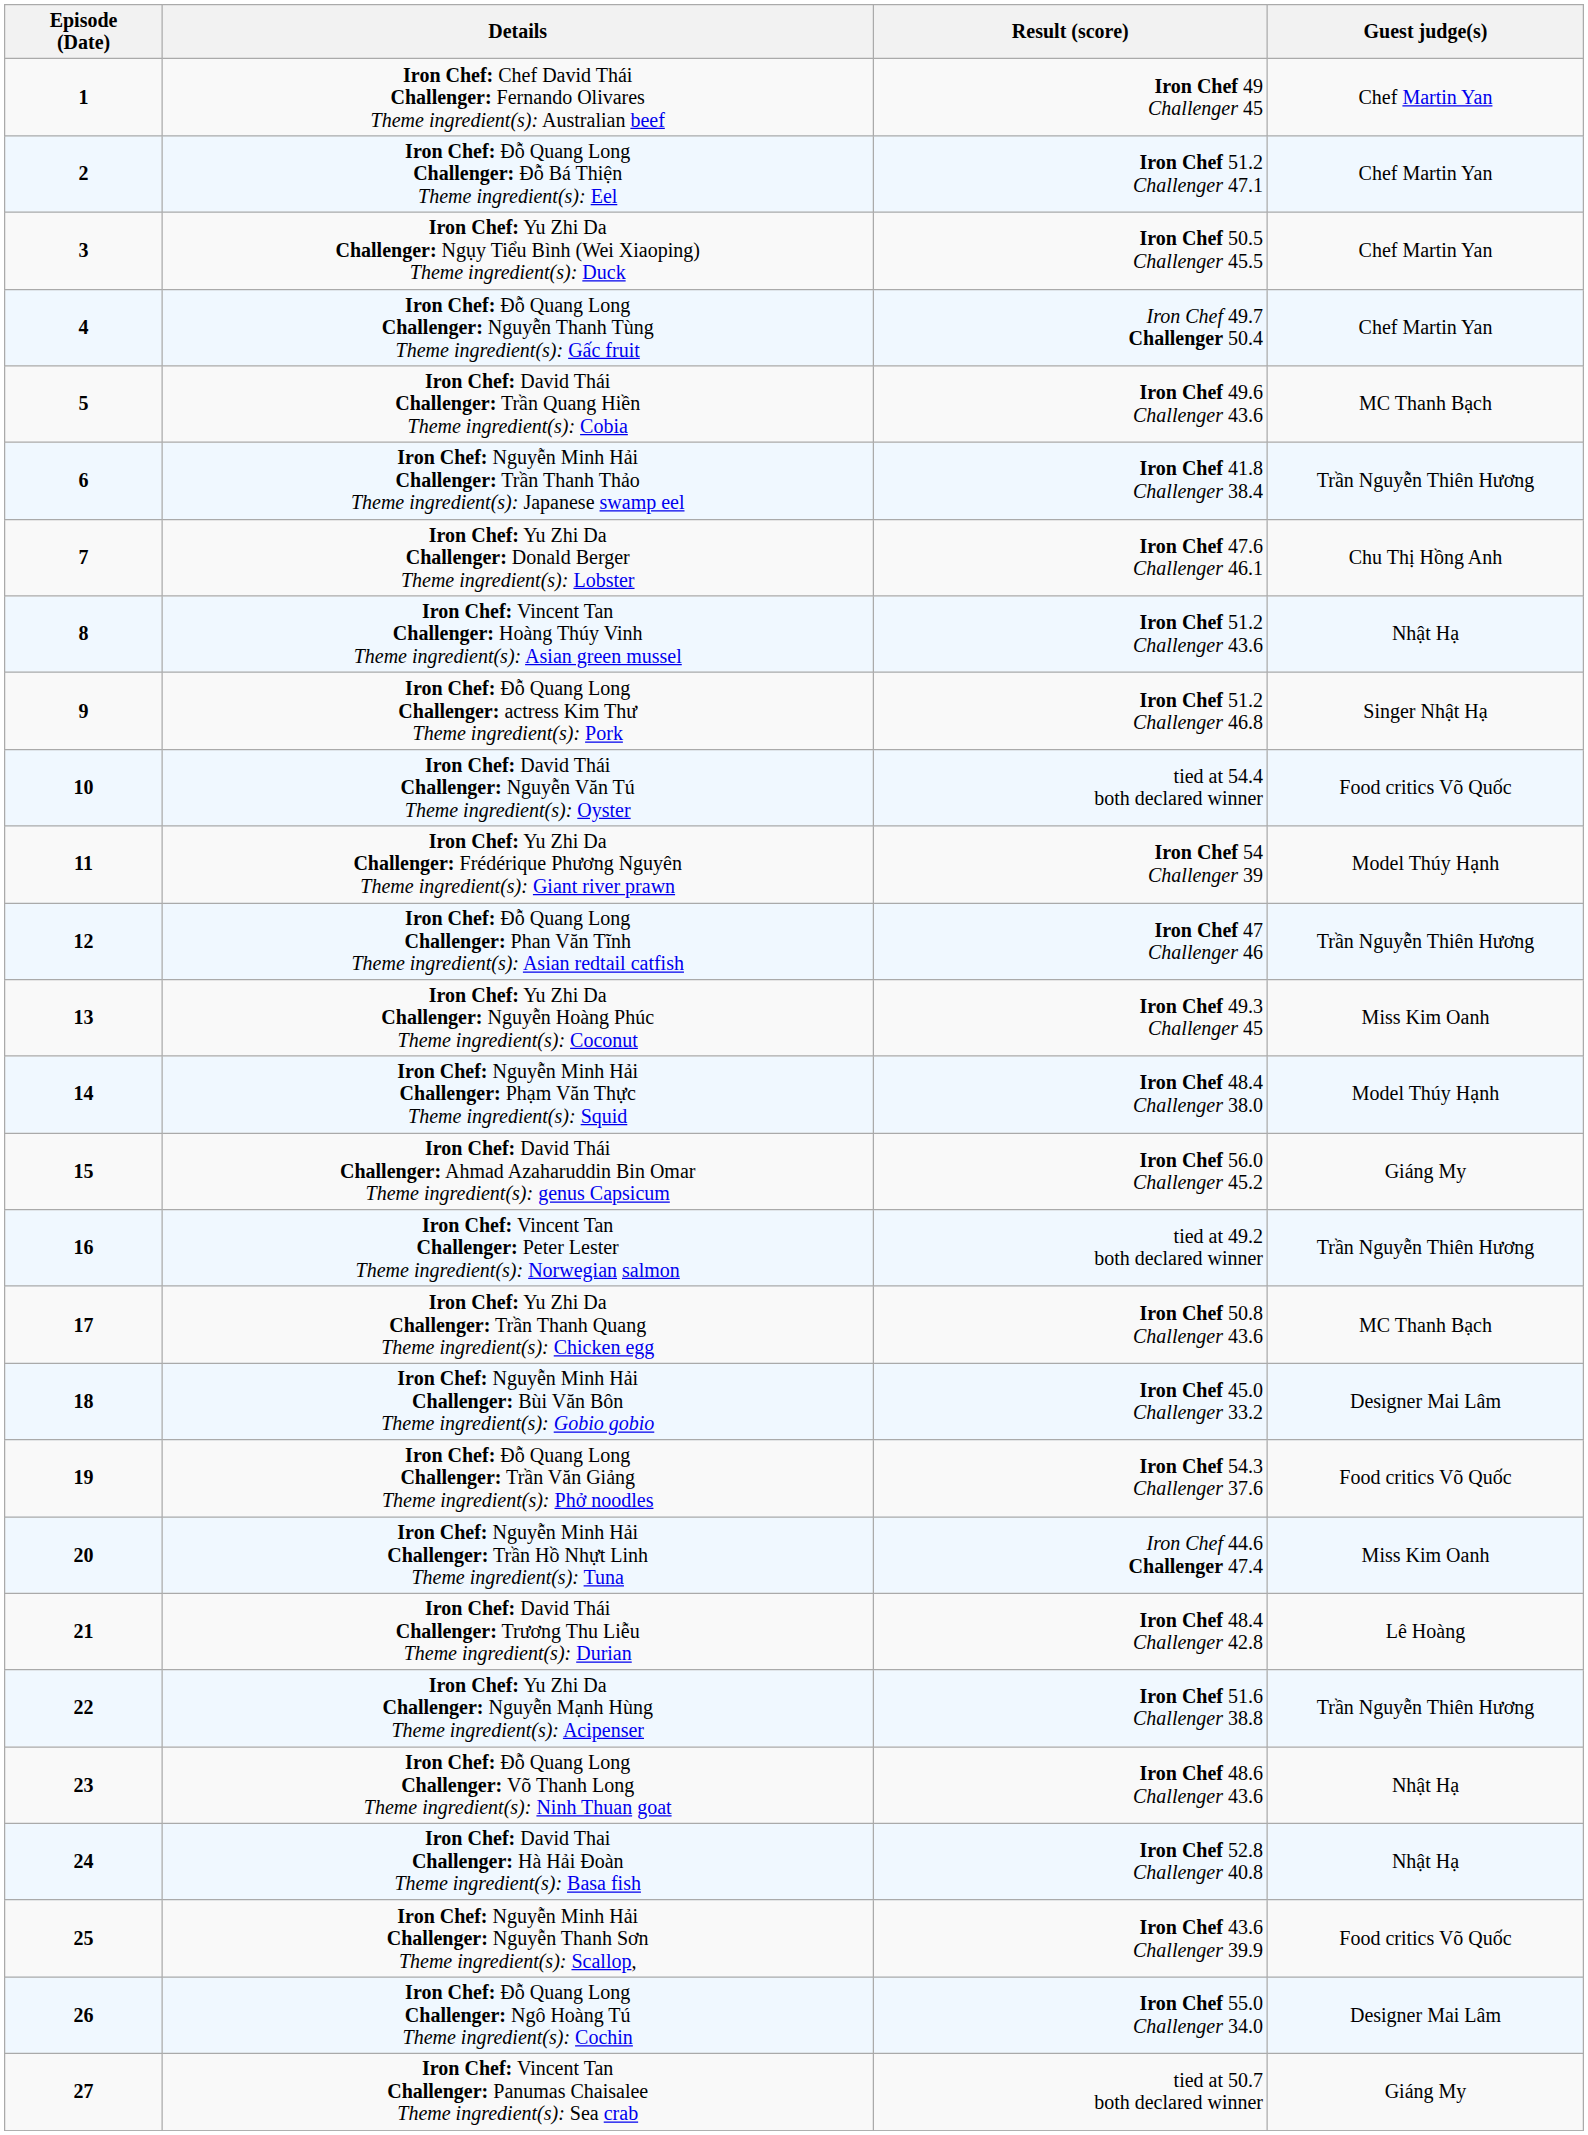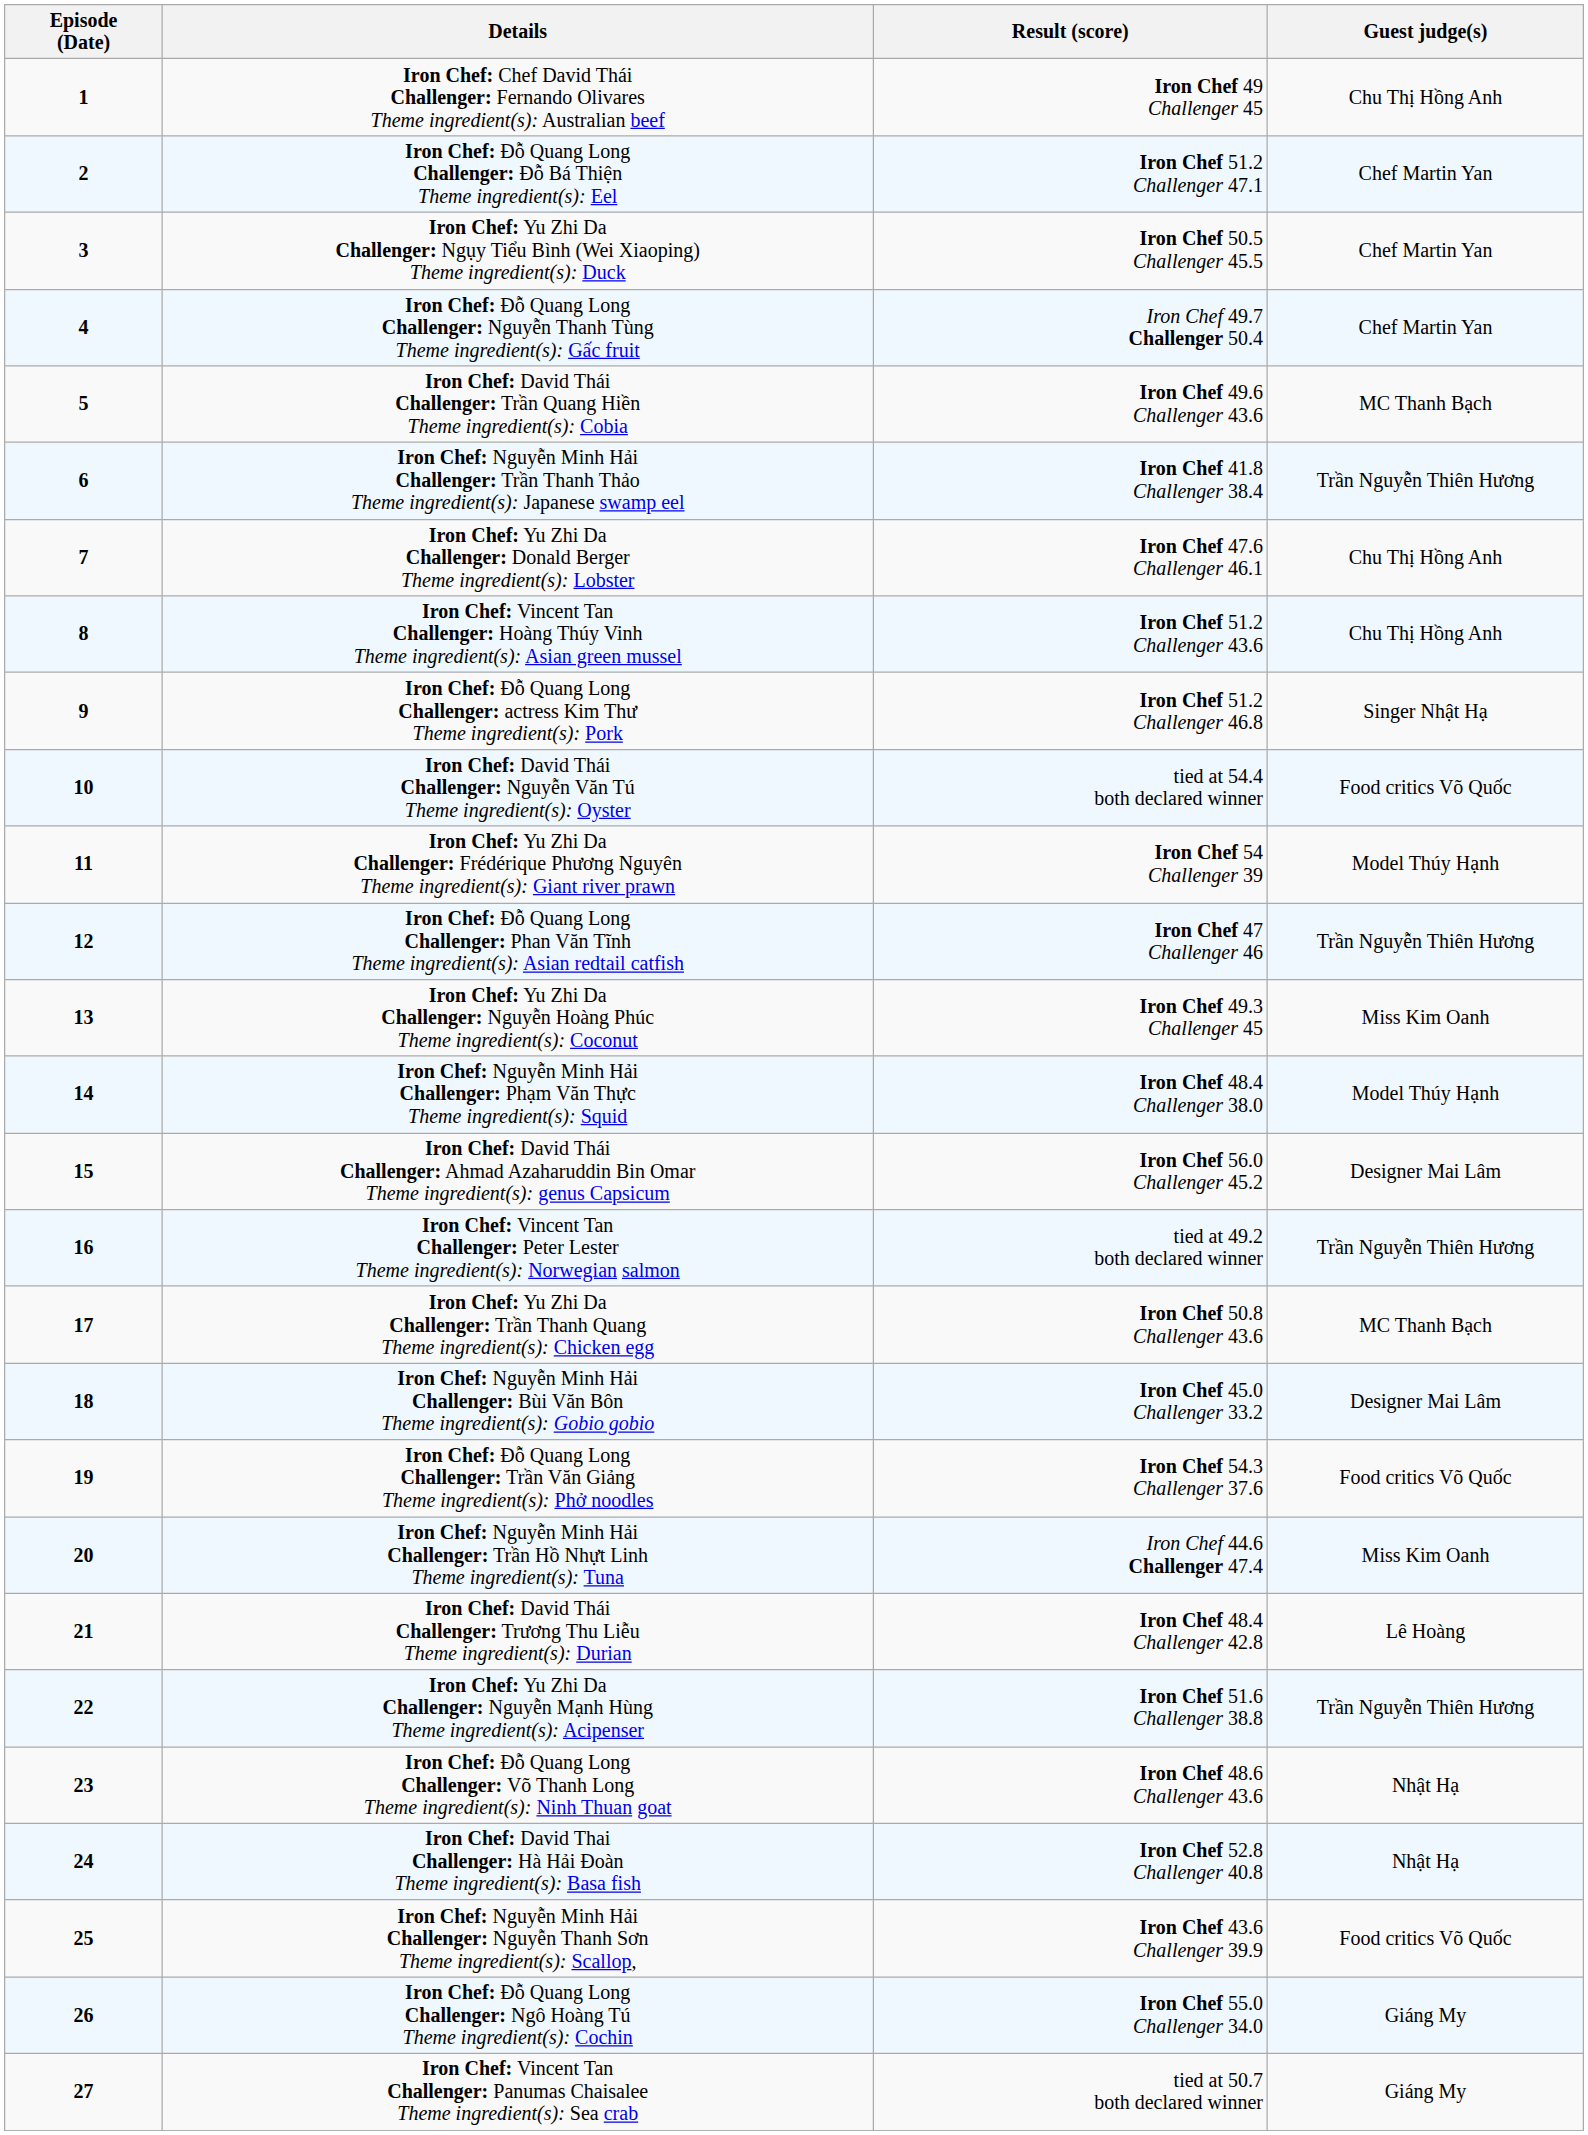 <table class="wikitable au" style="width: 100%; text-align: center;">
 <tr>
 <th width=10%>Episode<br> (Date)</th>
 <th width=45%>Details</th>
 <th width=25%>Result (score)</th>
 <th width=20%>Guest judge(s)</th>
 </tr>
 <tr>
 <td align="center"><strong>1</strong><br> </td>
 <td><strong>Iron Chef:</strong> Chef David Thái<br> <strong>Challenger:</strong> Fernando Olivares<br> <em>Theme ingredient(s):</em> Australian <a href='#'>beef</a></td>
 <td align=right><strong>Iron Chef</strong>  49<br> <em>Challenger</em>  45</td>
-<td>Chef <a href='#'>Martin Yan</a></td>
+<td>Chu Thị Hồng Anh</td>
 </tr>
 <tr bgcolor="#F0F8FF">
 <td align="center"><strong>2</strong><br> </td>
 <td><strong>Iron Chef:</strong> Đỗ Quang Long<br> <strong>Challenger:</strong> Đỗ Bá Thiện<br><em>Theme ingredient(s):</em> <a href='#'>Eel</a></td>
 <td align=right><strong>Iron Chef</strong>  51.2<br> <em>Challenger</em>  47.1</td>
 <td>Chef Martin Yan</td>
 </tr>
 <tr>
 <td align="center"><strong>3</strong><br> </td>
 <td><strong>Iron Chef:</strong> Yu Zhi Da<br> <strong>Challenger:</strong> Ngụy Tiểu Bình (Wei Xiaoping)<br> <em>Theme ingredient(s):</em> <a href='#'>Duck</a></td>
 <td align=right><strong>Iron Chef</strong>  50.5<br> <em>Challenger</em>  45.5</td>
 <td>Chef Martin Yan</td>
 </tr>
 <tr bgcolor="#F0F8FF">
 <td align="center"><strong>4</strong><br> </td>
 <td><strong>Iron Chef:</strong> Đỗ Quang Long<br> <strong>Challenger:</strong> Nguyễn Thanh Tùng<br> <em>Theme ingredient(s):</em> <a href='#'>Gấc fruit</a></td>
 <td align=right><em>Iron Chef</em>  49.7<br> <strong>Challenger</strong>  50.4</td>
 <td>Chef Martin Yan</td>
 </tr>
 <tr>
 <td align="center"><strong>5</strong><br> </td>
 <td><strong>Iron Chef:</strong> David Thái<br> <strong>Challenger:</strong> Trần Quang Hiền<br><em>Theme ingredient(s):</em> <a href='#'>Cobia</a></td>
 <td align=right><strong>Iron Chef</strong>  49.6<br> <em>Challenger</em>  43.6</td>
 <td>MC Thanh Bạch</td>
 </tr>
 <tr bgcolor="#F0F8FF">
 <td align="center"><strong>6</strong><br> </td>
 <td><strong>Iron Chef:</strong> Nguyễn Minh Hải<br> <strong>Challenger:</strong> Trần Thanh Thảo<br> <em>Theme ingredient(s):</em> Japanese <a href='#'>swamp eel</a></td>
 <td align=right><strong>Iron Chef</strong>  41.8<br><em>Challenger</em>  38.4</td>
 <td>Trần Nguyễn Thiên Hương</td>
 </tr>
 <tr>
 <td align="center"><strong>7</strong><br> </td>
 <td><strong>Iron Chef:</strong> Yu Zhi Da<br> <strong>Challenger:</strong> Donald Berger<br> <em>Theme ingredient(s):</em> <a href='#'>Lobster</a></td>
 <td align=right><strong>Iron Chef</strong>  47.6<br><em>Challenger</em>  46.1</td>
 <td>Chu Thị Hồng Anh</td>
 </tr>
 <tr bgcolor="#F0F8FF">
 <td align="center"><strong>8</strong><br> </td>
 <td><strong>Iron Chef:</strong> Vincent Tan<br> <strong>Challenger:</strong> Hoàng Thúy Vinh<br> <em>Theme ingredient(s):</em> <a href='#'>Asian green mussel</a></td>
 <td align=right><strong>Iron Chef</strong>  51.2<br><em>Challenger</em>  43.6</td>
-<td>Nhật Hạ</td>
+<td>Chu Thị Hồng Anh</td>
 </tr>
 <tr>
 <td align="center"><strong>9</strong><br> </td>
 <td><strong>Iron Chef:</strong> Đỗ Quang Long<br> <strong>Challenger:</strong> actress Kim Thư<br> <em>Theme ingredient(s):</em> <a href='#'>Pork</a></td>
 <td align=right><strong>Iron Chef</strong>  51.2<br><em>Challenger</em>  46.8</td>
 <td>Singer Nhật Hạ</td>
 </tr>
 <tr bgcolor="#F0F8FF">
 <td align="center"><strong>10</strong><br> </td>
 <td><strong>Iron Chef:</strong> David Thái<br> <strong>Challenger:</strong> Nguyễn Văn Tú<br> <em>Theme ingredient(s):</em> <a href='#'>Oyster</a></td>
 <td align=right>tied at 54.4<br> both declared winner</td>
 <td>Food critics Võ Quốc</td>
 </tr>
 <tr>
 <td align="center"><strong>11</strong><br> </td>
 <td><strong>Iron Chef:</strong> Yu Zhi Da<br> <strong>Challenger:</strong> Frédérique Phương Nguyên<br> <em>Theme ingredient(s):</em> <a href='#'>Giant river prawn</a></td>
 <td align=right><strong>Iron Chef</strong>  54<br><em>Challenger</em>  39</td>
 <td>Model Thúy Hạnh</td>
 </tr>
 <tr bgcolor="#F0F8FF">
 <td align="center"><strong>12</strong><br> </td>
 <td><strong>Iron Chef:</strong> Đỗ Quang Long <br> <strong>Challenger:</strong> Phan Văn Tĩnh <br> <em>Theme ingredient(s):</em> <a href='#'>Asian redtail catfish</a></td>
 <td align=right><strong>Iron Chef</strong>  47<br><em>Challenger</em>  46</td>
 <td>Trần Nguyễn Thiên Hương</td>
 </tr>
 <tr>
 <td align="center"><strong>13</strong><br> </td>
 <td><strong>Iron Chef:</strong> Yu Zhi Da<br> <strong>Challenger:</strong> Nguyễn Hoàng Phúc <br> <em>Theme ingredient(s):</em> <a href='#'>Coconut</a></td>
 <td align=right><strong>Iron Chef</strong>  49.3<br><em>Challenger</em>  45</td>
 <td>Miss Kim Oanh</td>
 </tr>
 <tr bgcolor="#F0F8FF">
 <td align="center"><strong>14</strong><br> </td>
 <td><strong>Iron Chef:</strong> Nguyễn Minh Hải<br> <strong>Challenger:</strong> Phạm Văn Thực<br> <em>Theme ingredient(s):</em> <a href='#'>Squid</a></td>
 <td align=right><strong>Iron Chef</strong>  48.4<br><em>Challenger</em>  38.0</td>
 <td>Model Thúy Hạnh</td>
 </tr>
 <tr>
 <td align="center"><strong>15</strong><br> </td>
 <td><strong>Iron Chef:</strong> David Thái <br> <strong>Challenger:</strong> Ahmad Azaharuddin Bin Omar<br> <em>Theme ingredient(s):</em> <a href='#'>genus Capsicum</a></td>
 <td align=right><strong>Iron Chef</strong>  56.0<br><em>Challenger</em>  45.2</td>
-<td>Giáng My</td>
+<td>Designer Mai Lâm</td>
 </tr>
 <tr bgcolor="#F0F8FF">
 <td align="center"><strong>16</strong><br> </td>
 <td><strong>Iron Chef:</strong> Vincent Tan<br> <strong>Challenger:</strong> Peter Lester<br> <em>Theme ingredient(s):</em> <a href='#'>Norwegian</a> <a href='#'>salmon</a></td>
 <td align=right>tied at 49.2<br> both declared winner</td>
 <td>Trần Nguyễn Thiên Hương</td>
 </tr>
 <tr>
 <td align="center"><strong>17</strong><br> </td>
 <td><strong>Iron Chef:</strong> Yu Zhi Da<br> <strong>Challenger:</strong> Trần Thanh Quang <br> <em>Theme ingredient(s):</em> <a href='#'>Chicken egg</a></td>
 <td align=right><strong>Iron Chef</strong>  50.8<br><em>Challenger</em>  43.6</td>
 <td>MC Thanh Bạch</td>
 </tr>
 <tr bgcolor="#F0F8FF">
 <td align="center"><strong>18</strong><br> </td>
 <td><strong>Iron Chef:</strong> Nguyễn Minh Hải <br> <strong>Challenger:</strong> Bùi Văn Bôn <br> <em>Theme ingredient(s):</em> <em><a href='#'>Gobio gobio</a></em></td>
 <td align=right><strong>Iron Chef</strong>  45.0<br><em>Challenger</em>  33.2</td>
 <td>Designer Mai Lâm</td>
 </tr>
 <tr>
 <td align="center"><strong>19</strong><br> </td>
 <td><strong>Iron Chef:</strong> Đỗ Quang Long<br> <strong>Challenger:</strong> Trần Văn Giảng<br> <em>Theme ingredient(s):</em> <a href='#'>Phở noodles</a></td>
 <td align=right><strong>Iron Chef</strong>  54.3<br><em>Challenger</em>  37.6</td>
 <td>Food critics Võ Quốc</td>
 </tr>
 <tr bgcolor="#F0F8FF">
 <td align="center"><strong>20</strong><br> </td>
 <td><strong>Iron Chef:</strong> Nguyễn Minh Hải<br> <strong>Challenger:</strong> Trần Hồ Nhựt Linh<br> <em>Theme ingredient(s):</em> <a href='#'>Tuna</a></td>
 <td align=right><em>Iron Chef</em>  44.6<br><strong>Challenger</strong>  47.4</td>
 <td>Miss Kim Oanh</td>
 </tr>
 <tr>
 <td align="center"><strong>21</strong><br> </td>
 <td><strong>Iron Chef:</strong> David Thái<br> <strong>Challenger:</strong> Trương Thu Liễu<br> <em>Theme ingredient(s):</em> <a href='#'>Durian</a></td>
 <td align=right><strong>Iron Chef</strong>  48.4<br><em>Challenger</em>  42.8</td>
 <td>Lê Hoàng</td>
 </tr>
 <tr bgcolor="#F0F8FF">
 <td align="center"><strong>22</strong><br> </td>
 <td><strong>Iron Chef:</strong> Yu Zhi Da<br> <strong>Challenger:</strong> Nguyễn Mạnh Hùng<br> <em>Theme ingredient(s):</em> <a href='#'>Acipenser</a></td>
 <td align=right><strong>Iron Chef</strong>  51.6<br><em>Challenger</em>  38.8</td>
 <td>Trần Nguyễn Thiên Hương</td>
 </tr>
 <tr>
 <td align="center"><strong>23</strong><br> </td>
 <td><strong>Iron Chef:</strong> Đỗ Quang Long<br> <strong>Challenger:</strong> Võ Thanh Long <br> <em>Theme ingredient(s):</em> <a href='#'>Ninh Thuan</a> <a href='#'>goat</a></td>
 <td align=right><strong>Iron Chef</strong>  48.6<br><em>Challenger</em>  43.6</td>
 <td>Nhật Hạ</td>
 </tr>
 <tr bgcolor="#F0F8FF">
 <td align="center"><strong>24</strong><br> </td>
 <td><strong>Iron Chef:</strong> David Thai<br> <strong>Challenger:</strong> Hà Hải Đoàn<br> <em>Theme ingredient(s):</em> <a href='#'>Basa fish</a></td>
 <td align=right><strong>Iron Chef</strong>  52.8<br><em>Challenger</em>  40.8</td>
 <td>Nhật Hạ</td>
 </tr>
 <tr>
 <td align="center"><strong>25</strong><br> </td>
 <td><strong>Iron Chef:</strong> Nguyễn Minh Hải<br> <strong>Challenger:</strong> Nguyễn Thanh Sơn<br> <em>Theme ingredient(s):</em> <a href='#'>Scallop</a>,</td>
 <td align=right><strong>Iron Chef</strong>  43.6<br><em>Challenger</em>  39.9</td>
 <td>Food critics Võ Quốc</td>
 </tr>
 <tr bgcolor="#F0F8FF">
 <td align="center"><strong>26</strong><br> </td>
 <td><strong>Iron Chef:</strong> Đỗ Quang Long<br> <strong>Challenger:</strong> Ngô Hoàng Tú<br> <em>Theme ingredient(s):</em> <a href='#'>Cochin</a></td>
 <td align=right><strong>Iron Chef</strong>  55.0<br><em>Challenger</em>  34.0</td>
-<td>Designer Mai Lâm</td>
+<td>Giáng My</td>
 </tr>
 <tr>
 <td align="center"><strong>27</strong><br> </td>
 <td><strong>Iron Chef:</strong> Vincent Tan<br> <strong>Challenger:</strong> Panumas Chaisalee<br> <em>Theme ingredient(s):</em> Sea <a href='#'>crab</a></td>
 <td align=right>tied at 50.7<br> both declared winner</td>
 <td>Giáng My</td>
 </tr>
 <tr>
 </tr>
 </table>
